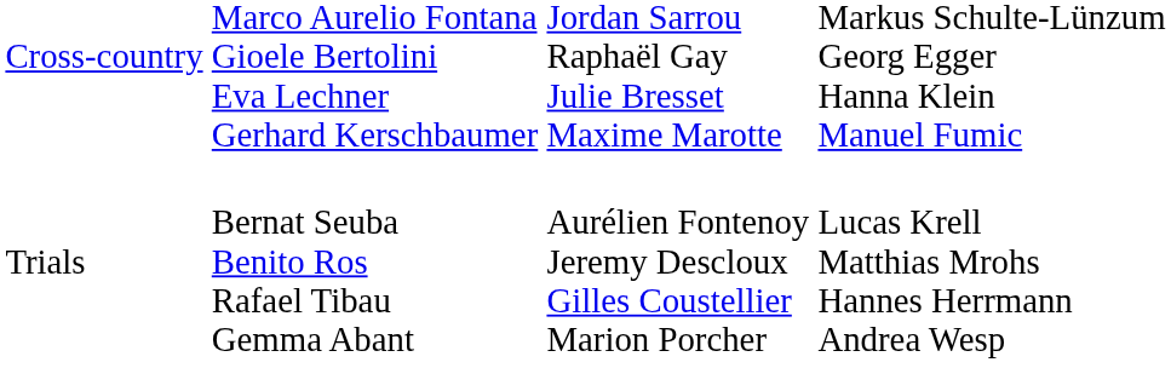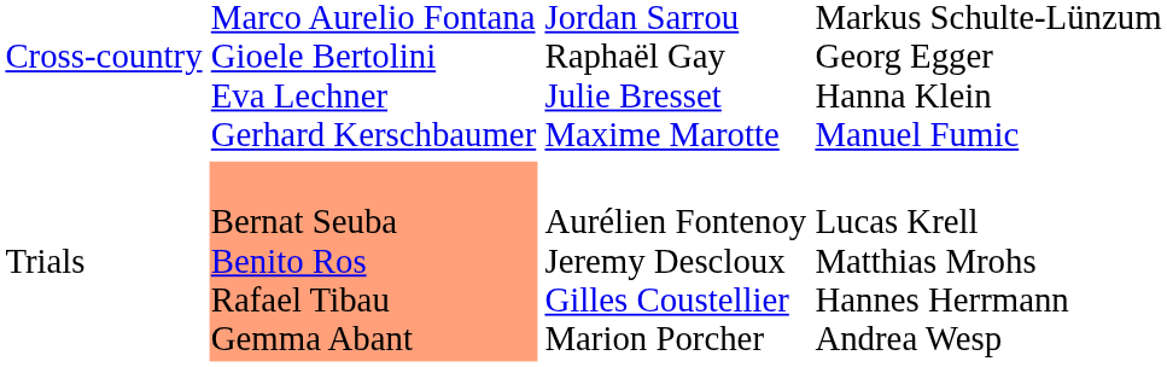 <table>
 <tr>
 <td><a href='#'>Cross-country</a><br></td>
 <td><br><a href='#'>Marco Aurelio Fontana</a><br><a href='#'>Gioele Bertolini</a><br><a href='#'>Eva Lechner</a><br><a href='#'>Gerhard Kerschbaumer</a></td>
 <td><br><a href='#'>Jordan Sarrou</a><br>Raphaël Gay<br><a href='#'>Julie Bresset</a><br><a href='#'>Maxime Marotte</a></td>
 <td><br>Markus Schulte-Lünzum<br>Georg Egger<br>Hanna Klein<br><a href='#'>Manuel Fumic</a></td>
 </tr>
 <tr>
 <td>Trials</td>
-<td><br>Bernat Seuba<br><a href='#'>Benito Ros</a><br>Rafael Tibau<br>Gemma Abant</td>
+<td style="background: lightsalmon;"><br>Bernat Seuba<br><a href='#'>Benito Ros</a><br>Rafael Tibau<br>Gemma Abant</td>
 <td><br>Aurélien Fontenoy<br>Jeremy Descloux<br><a href='#'>Gilles Coustellier</a><br>Marion Porcher</td>
 <td><br>Lucas Krell<br>Matthias Mrohs<br>Hannes Herrmann<br>Andrea Wesp</td>
 </tr>
 </table>
